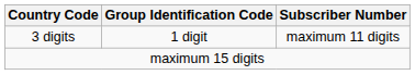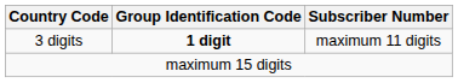 <table class="wikitable">
 <tr>
 <th>Country Code</th>
 <th>Group Identification Code</th>
 <th>Subscriber Number</th>
 </tr>
 <tr style="text-align:center;">
 <td>3 digits</td>
-<td>1 digit</td>
+<td><strong>1 digit</strong></td>
 <td>maximum 11 digits</td>
 </tr>
 <tr>
 <td colspan="3" style="text-align:center;">maximum 15 digits</td>
 </tr>
 </table>
